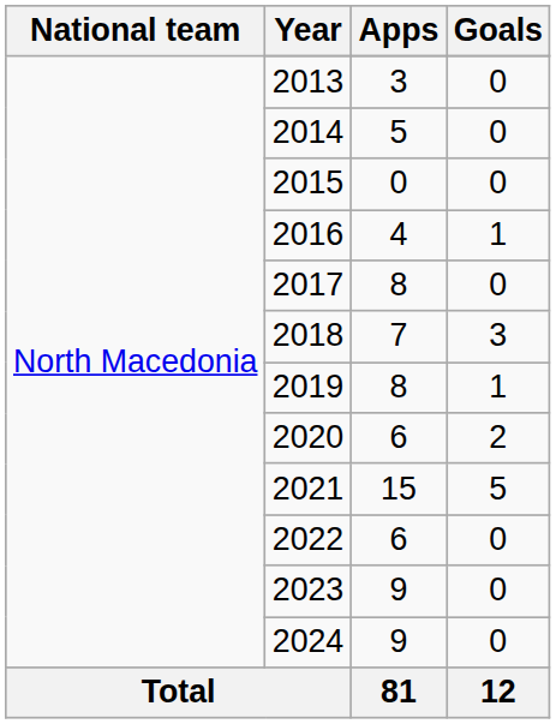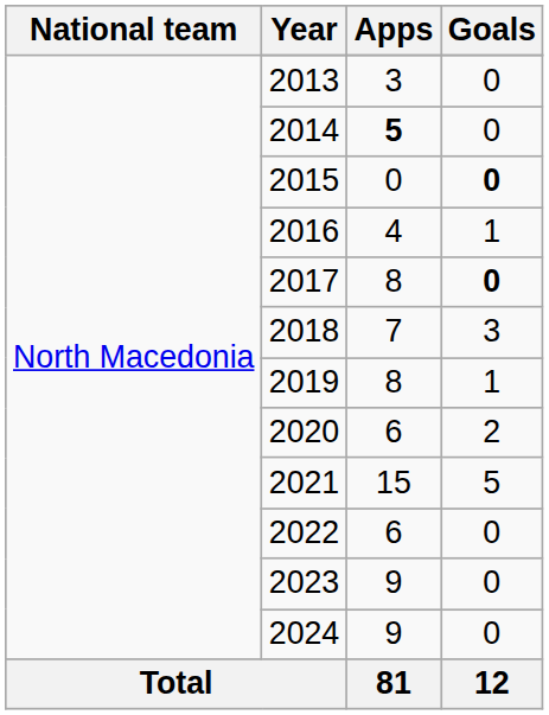 <table class=wikitable style=text-align:center>
 <tr>
 <th>National team</th>
 <th>Year</th>
 <th>Apps</th>
 <th>Goals</th>
 </tr>
 <tr>
 <td rowspan=13><a href='#'>North Macedonia</a></td>
 </tr>
 <tr>
 <td>2013</td>
 <td>3</td>
 <td>0</td>
 </tr>
 <tr>
 <td>2014</td>
-<td>5</td>
+<td><strong>5</strong></td>
 <td>0</td>
 </tr>
 <tr>
 <td>2015</td>
 <td>0</td>
-<td>0</td>
+<td><strong>0</strong></td>
 </tr>
 <tr>
 <td>2016</td>
 <td>4</td>
 <td>1</td>
 </tr>
 <tr>
 <td>2017</td>
 <td>8</td>
-<td>0</td>
+<td><strong>0</strong></td>
 </tr>
 <tr>
 <td>2018</td>
 <td>7</td>
 <td>3</td>
 </tr>
 <tr>
 <td>2019</td>
 <td>8</td>
 <td>1</td>
 </tr>
 <tr>
 <td>2020</td>
 <td>6</td>
 <td>2</td>
 </tr>
 <tr>
 <td>2021</td>
 <td>15</td>
 <td>5</td>
 </tr>
 <tr>
 <td>2022</td>
 <td>6</td>
 <td>0</td>
 </tr>
 <tr>
 <td>2023</td>
 <td>9</td>
 <td>0</td>
 </tr>
 <tr>
 <td>2024</td>
 <td>9</td>
 <td>0</td>
 </tr>
 <tr>
 <th colspan=2>Total</th>
 <th>81</th>
 <th>12</th>
 </tr>
 </table>
